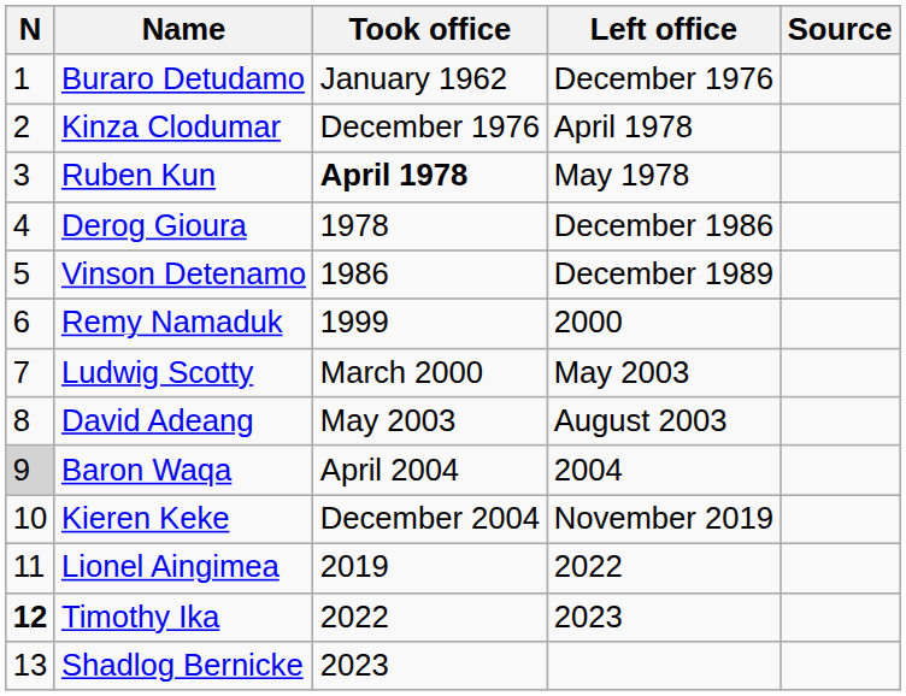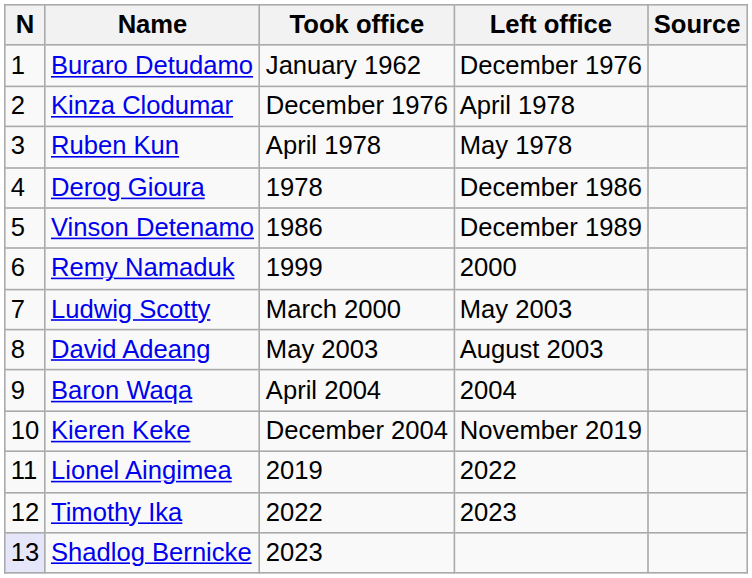 <table class="wikitable">
 <tr>
 <th>N</th>
 <th>Name</th>
 <th>Took office</th>
 <th>Left office</th>
 <th>Source</th>
 </tr>
 <tr>
 <td>1</td>
 <td><a href='#'>Buraro Detudamo</a></td>
 <td>January 1962</td>
 <td>December 1976</td>
 <td></td>
 </tr>
 <tr>
 <td>2</td>
 <td><a href='#'>Kinza Clodumar</a></td>
 <td>December 1976</td>
 <td>April 1978</td>
 <td></td>
 </tr>
 <tr>
 <td>3</td>
 <td><a href='#'>Ruben Kun</a></td>
-<td><strong>April 1978</strong></td>
+<td>April 1978</td>
 <td>May 1978</td>
 <td></td>
 </tr>
 <tr>
 <td>4</td>
 <td><a href='#'>Derog Gioura</a></td>
 <td>1978</td>
 <td>December 1986</td>
 <td></td>
 </tr>
 <tr>
 <td>5</td>
 <td><a href='#'>Vinson Detenamo</a></td>
 <td>1986</td>
 <td>December 1989</td>
 <td></td>
 </tr>
 <tr>
 <td>6</td>
 <td><a href='#'>Remy Namaduk</a></td>
 <td>1999</td>
 <td>2000</td>
 <td></td>
 </tr>
 <tr>
 <td>7</td>
 <td><a href='#'>Ludwig Scotty</a></td>
 <td>March 2000</td>
 <td>May 2003</td>
 <td></td>
 </tr>
 <tr>
 <td>8</td>
 <td><a href='#'>David Adeang</a></td>
 <td>May 2003</td>
 <td>August 2003</td>
 <td></td>
 </tr>
 <tr>
-<td style="background: lightgrey;">9</td>
+<td>9</td>
 <td><a href='#'>Baron Waqa</a></td>
 <td>April 2004</td>
 <td>2004</td>
 <td></td>
 </tr>
 <tr>
 <td>10</td>
 <td><a href='#'>Kieren Keke</a></td>
 <td>December 2004</td>
 <td>November 2019</td>
 </tr>
 <tr>
 <td>11</td>
 <td><a href='#'>Lionel Aingimea</a></td>
 <td>2019</td>
 <td>2022</td>
 <td></td>
 </tr>
 <tr>
-<td><strong>12</strong></td>
+<td>12</td>
 <td><a href='#'>Timothy Ika</a></td>
 <td>2022</td>
 <td>2023</td>
 <td></td>
 </tr>
 <tr>
-<td>13</td>
+<td style="background: lavender;">13</td>
 <td><a href='#'>Shadlog Bernicke</a></td>
 <td>2023</td>
 <td></td>
 <td></td>
 </tr>
 </table>
